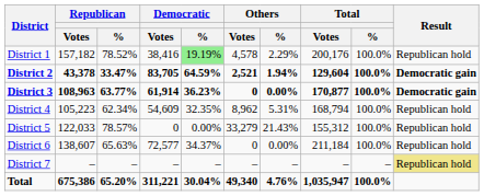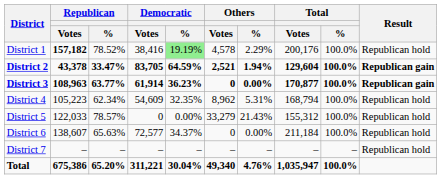 <table class="wikitable plainrowheaders sortable" style="font-size:100%; text-align:right;">
 <tr>
 <th scope=col rowspan=3><a href='#'>District</a></th>
 <th scope=col colspan=2><a href='#'>Republican</a></th>
 <th scope=col colspan=2><a href='#'>Democratic</a></th>
 <th scope=col colspan=2>Others</th>
 <th scope=col colspan=2>Total</th>
 <th scope=col rowspan=3>Result</th>
 </tr>
 <tr>
 <th scope=col colspan=2 style="background:"></th>
 <th scope=col colspan=2 style="background:"></th>
 <th scope=col colspan=2></th>
 <th scope=col colspan=2></th>
 </tr>
 <tr>
 <th scope=col data-sort-type="number">Votes</th>
 <th scope=col data-sort-type="number">%</th>
 <th scope=col data-sort-type="number">Votes</th>
 <th scope=col data-sort-type="number">%</th>
 <th scope=col data-sort-type="number">Votes</th>
 <th scope=col data-sort-type="number">%</th>
 <th scope=col data-sort-type="number">Votes</th>
 <th scope=col data-sort-type="number">%</th>
 </tr>
 <tr>
 <td align=left><a href='#'>District 1</a></td>
-<td>157,182</td>
+<td><strong>157,182</strong></td>
 <td>78.52%</td>
 <td>38,416</td>
 <td style="background: lightgreen;">19.19%</td>
 <td>4,578</td>
 <td>2.29%</td>
 <td>200,176</td>
 <td>100.0%</td>
 <td align=left>Republican hold</td>
 </tr>
 <tr>
 <td align=left><strong><a href='#'>District 2</a></strong></td>
 <td><strong>43,378</strong></td>
 <td><strong>33.47%</strong></td>
 <td><strong>83,705</strong></td>
 <td><strong>64.59%</strong></td>
 <td><strong>2,521</strong></td>
 <td><strong>1.94%</strong></td>
 <td><strong>129,604</strong></td>
 <td><strong>100.0%</strong></td>
-<td align=left><strong>Democratic gain</strong></td>
+<td align=left><strong>Republican gain</strong></td>
 </tr>
 <tr>
 <td align=left><strong><a href='#'>District 3</a></strong></td>
 <td><strong>108,963</strong></td>
 <td><strong>63.77%</strong></td>
 <td><strong>61,914</strong></td>
 <td><strong>36.23%</strong></td>
 <td><strong>0</strong></td>
 <td><strong>0.00%</strong></td>
 <td><strong>170,877</strong></td>
 <td><strong>100.0%</strong></td>
-<td align=left><strong>Democratic gain</strong></td>
+<td align=left><strong>Republican gain</strong></td>
 </tr>
 <tr>
 <td align=left><a href='#'>District 4</a></td>
 <td>105,223</td>
 <td>62.34%</td>
 <td>54,609</td>
 <td>32.35%</td>
 <td>8,962</td>
 <td>5.31%</td>
 <td>168,794</td>
 <td>100.0%</td>
 <td align=left>Republican hold</td>
 </tr>
 <tr>
 <td align=left><a href='#'>District 5</a></td>
 <td>122,033</td>
 <td>78.57%</td>
 <td>0</td>
 <td>0.00%</td>
 <td>33,279</td>
 <td>21.43%</td>
 <td>155,312</td>
 <td>100.0%</td>
 <td align=left>Republican hold</td>
 </tr>
 <tr>
 <td align=left><a href='#'>District 6</a></td>
 <td>138,607</td>
 <td>65.63%</td>
 <td>72,577</td>
 <td>34.37%</td>
 <td>0</td>
 <td>0.00%</td>
 <td>211,184</td>
 <td>100.0%</td>
 <td align=left>Republican hold</td>
 </tr>
 <tr>
 <td align=left><a href='#'>District 7</a></td>
 <td>–</td>
 <td>–</td>
 <td>–</td>
 <td>–</td>
 <td>–</td>
 <td>–</td>
 <td>–</td>
 <td>–</td>
-<td align=left style="background: khaki;">Republican hold</td>
+<td align=left>Republican hold</td>
 </tr>
 <tr class="sortbottom" style="font-weight:bold">
 <td align=left>Total</td>
 <td>675,386</td>
 <td>65.20%</td>
 <td>311,221</td>
 <td>30.04%</td>
 <td>49,340</td>
 <td>4.76%</td>
 <td>1,035,947</td>
 <td>100.0%</td>
 <td></td>
 </tr>
 </table>
